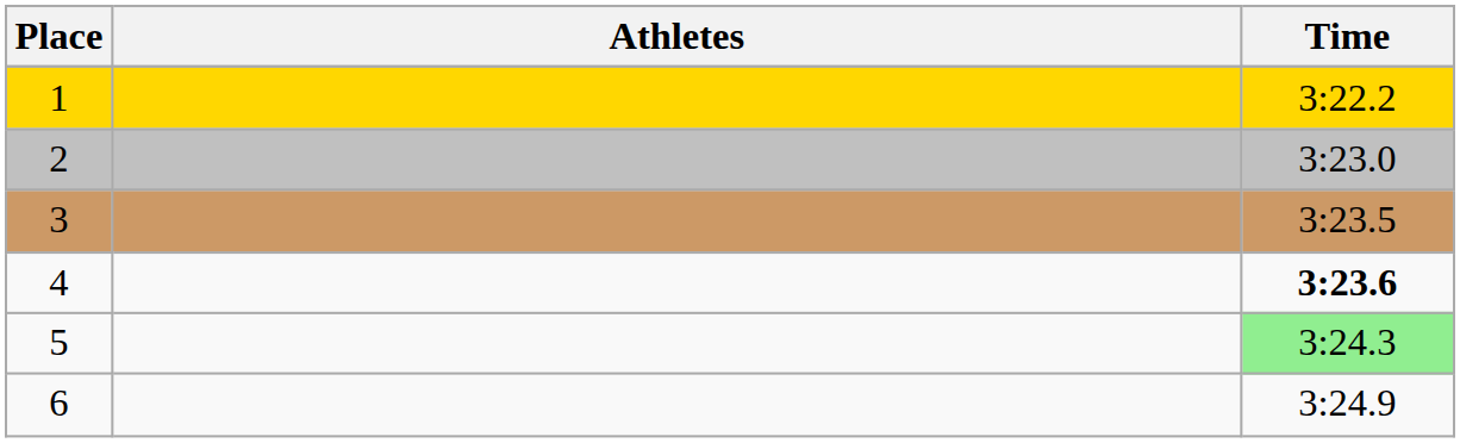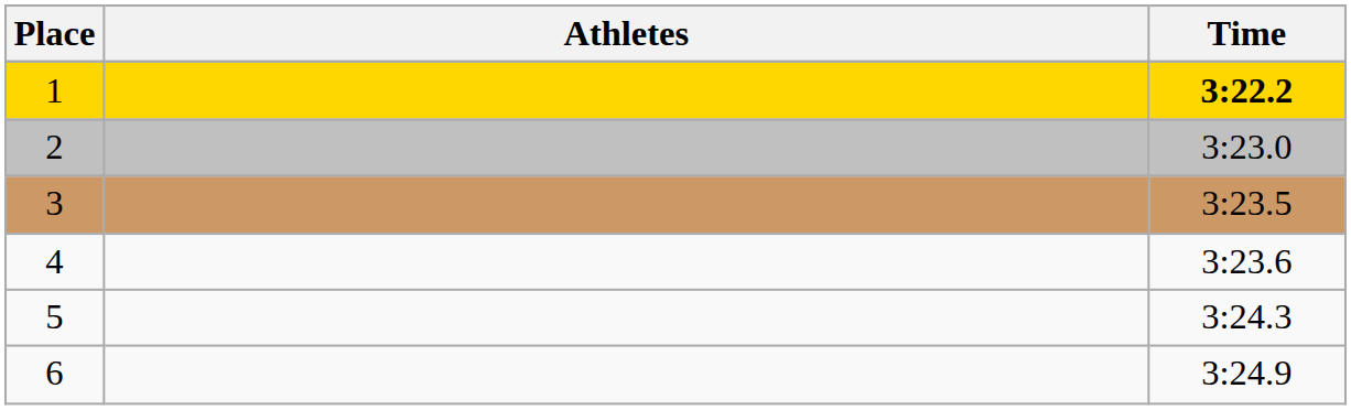 <table class=wikitable style="text-align:center">
 <tr>
 <th width=20>Place</th>
 <th width=460>Athletes</th>
 <th width=80>Time</th>
 </tr>
 <tr>
 </tr>
 <tr bgcolor=gold>
 <td>1</td>
 <td align=left></td>
-<td>3:22.2</td>
+<td><strong>3:22.2</strong></td>
 </tr>
 <tr bgcolor=silver>
 <td>2</td>
 <td align=left></td>
 <td>3:23.0</td>
 </tr>
 <tr bgcolor=cc9966>
 <td>3</td>
 <td align=left></td>
 <td>3:23.5</td>
 </tr>
 <tr>
 <td>4</td>
 <td align=left></td>
-<td><strong>3:23.6</strong></td>
+<td>3:23.6</td>
 </tr>
 <tr>
 <td>5</td>
 <td align=left></td>
-<td style="background: lightgreen;">3:24.3</td>
+<td>3:24.3</td>
 </tr>
 <tr>
 <td>6</td>
 <td align=left></td>
 <td>3:24.9</td>
 </tr>
 </table>
